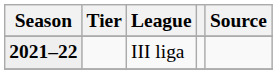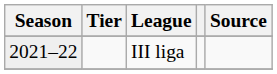 <table class="wikitable" style="font-size:85%;">
 <tr>
 <th>Season</th>
 <th>Tier</th>
 <th>League</th>
 <th></th>
 <th>Source</th>
 </tr>
 <tr>
 </tr>
 <tr>
-<td bgcolor=#efefef><strong>2021–22</strong></td>
+<td bgcolor=#efefef>2021–22</td>
 <td></td>
 <td align=left>III liga</td>
 <td bgcolor=></td>
 <td></td>
 </tr>
 <tr>
 </tr>
 </table>
